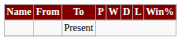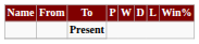 <table class="wikitable sortable" style="text-align: center;">
 <tr>
 <th style="background:maroon; color:white;" scope="col">Name</th>
 <th style="background:maroon; color:white;" scope="col">From</th>
 <th style="background:maroon; color:white;" scope="col">To</th>
 <th style="background:maroon; color:white;" scope="col">P</th>
 <th style="background:maroon; color:white;" scope="col">W</th>
 <th style="background:maroon; color:white;" scope="col">D</th>
 <th style="background:maroon; color:white;" scope="col">L</th>
 <th style="background:maroon; color:white;" scope="col">Win%</th>
 </tr>
 <tr>
 <td align=left></td>
 <td></td>
-<td>Present<br></td>
+<td><strong>Present<br></strong></td>
 </tr>
 <tr>
 </tr>
 </table>
